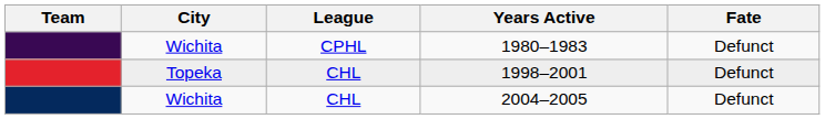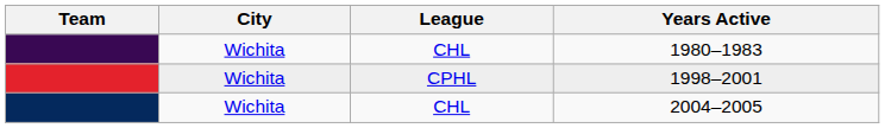 <table class="wikitable sortable" width="60%">
 <tr>
 <th>Team</th>
 <th>City</th>
 <th>League</th>
 <th>Years Active</th>
-<th>Fate</th>
 </tr>
 <tr align=center>
 <td style="color:white; background:#390853; "><strong><a href='#'></a></strong></td>
 <td><a href='#'>Wichita</a></td>
-<td><a href='#'>CPHL</a></td>
+<td><a href='#'>CHL</a></td>
 <td>1980–1983</td>
-<td>Defunct</td>
 </tr>
 <tr align=center bgcolor=eeeeee>
 <td style="color:white; background:#e4222c; "><strong><a href='#'></a></strong></td>
-<td><a href='#'>Topeka</a></td>
-<td><a href='#'>CHL</a></td>
+<td><a href='#'>Wichita</a></td>
+<td><a href='#'>CPHL</a></td>
 <td>1998–2001</td>
-<td>Defunct</td>
 </tr>
 <tr align=center>
 <td style="color:white; background:#04295d; "><strong><a href='#'></a></strong></td>
 <td><a href='#'>Wichita</a></td>
 <td><a href='#'>CHL</a></td>
 <td>2004–2005</td>
-<td>Defunct</td>
 </tr>
 </table>
